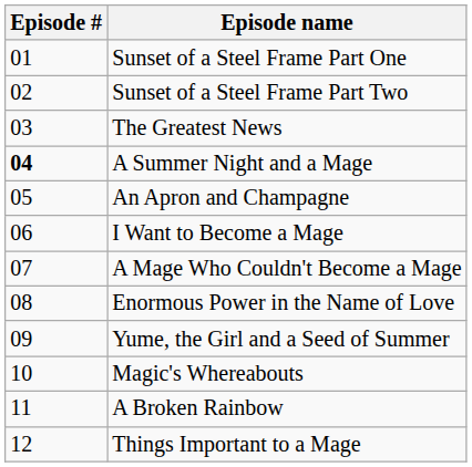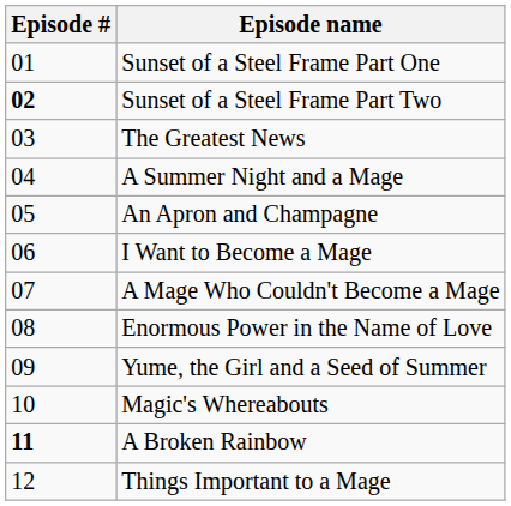 <table class="wikitable">
 <tr>
 <th>Episode #</th>
 <th>Episode name</th>
 </tr>
 <tr>
 <td>01</td>
 <td>Sunset of a Steel Frame Part One</td>
 </tr>
 <tr>
-<td>02</td>
+<td><strong>02</strong></td>
 <td>Sunset of a Steel Frame Part Two</td>
 </tr>
 <tr>
 <td>03</td>
 <td>The Greatest News</td>
 </tr>
 <tr>
-<td><strong>04</strong></td>
+<td>04</td>
 <td>A Summer Night and a Mage</td>
 </tr>
 <tr>
 <td>05</td>
 <td>An Apron and Champagne</td>
 </tr>
 <tr>
 <td>06</td>
 <td>I Want to Become a Mage</td>
 </tr>
 <tr>
 <td>07</td>
 <td>A Mage Who Couldn't Become a Mage</td>
 </tr>
 <tr>
 <td>08</td>
 <td>Enormous Power in the Name of Love</td>
 </tr>
 <tr>
 <td>09</td>
 <td>Yume, the Girl and a Seed of Summer</td>
 </tr>
 <tr>
 <td>10</td>
 <td>Magic's Whereabouts</td>
 </tr>
 <tr>
-<td>11</td>
+<td><strong>11</strong></td>
 <td>A Broken Rainbow</td>
 </tr>
 <tr>
 <td>12</td>
 <td>Things Important to a Mage</td>
 </tr>
 </table>
